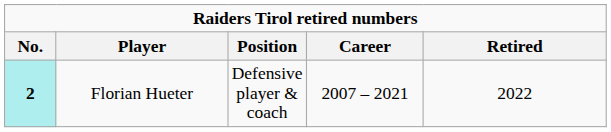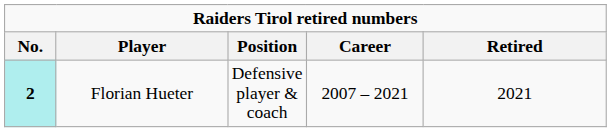 <table class="wikitable" style="text-align:center">
 <tr>
 <td colspan="5"><strong>Raiders Tirol retired numbers</strong></td>
 </tr>
 <tr>
 <th width=40px>No.</th>
 <th width=150px>Player</th>
 <th width=40px>Position</th>
 <th width=100px>Career</th>
 <th width=160px>Retired</th>
 </tr>
 <tr>
 <td style="background: paleturquoise;"><strong>2</strong></td>
 <td>Florian Hueter</td>
 <td>Defensive player & coach</td>
 <td>2007 – 2021</td>
-<td>2022</td>
+<td>2021</td>
 </tr>
 </table>
